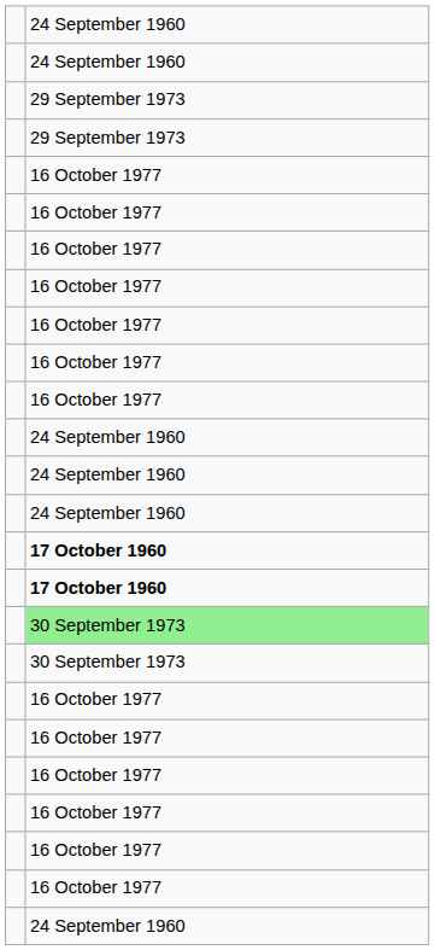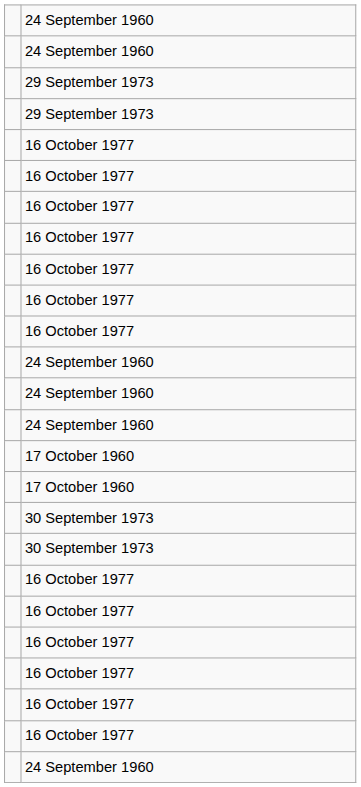 <table class="wikitable" style="font-size: 89%; float: left; width: 24em; margin-right: 1em; line-height: 1.65em">
 <tr>
 <td></td>
 <td>24 September 1960</td>
 </tr>
 <tr>
 <td></td>
 <td>24 September 1960</td>
 </tr>
 <tr>
 <td></td>
 <td>29 September 1973</td>
 </tr>
 <tr>
 <td></td>
 <td>29 September 1973</td>
 </tr>
 <tr>
 <td></td>
 <td>16 October 1977</td>
 </tr>
 <tr>
 <td></td>
 <td>16 October 1977</td>
 </tr>
 <tr>
 <td></td>
 <td>16 October 1977</td>
 </tr>
 <tr>
 <td></td>
 <td>16 October 1977</td>
 </tr>
 <tr>
 <td></td>
 <td>16 October 1977</td>
 </tr>
 <tr>
 <td></td>
 <td>16 October 1977</td>
 </tr>
 <tr>
 <td></td>
 <td>16 October 1977</td>
 </tr>
 <tr>
 <td></td>
 <td>24 September 1960</td>
 </tr>
 <tr>
 <td></td>
 <td>24 September 1960</td>
 </tr>
 <tr>
 <td></td>
 <td>24 September 1960</td>
 </tr>
 <tr>
 <td></td>
-<td><strong>17 October 1960</strong></td>
+<td>17 October 1960</td>
 </tr>
 <tr>
 <td></td>
-<td><strong>17 October 1960</strong></td>
+<td>17 October 1960</td>
 </tr>
 <tr>
 <td></td>
-<td style="background: lightgreen;">30 September 1973</td>
+<td>30 September 1973</td>
 </tr>
 <tr>
 <td></td>
 <td>30 September 1973</td>
 </tr>
 <tr>
 <td></td>
 <td>16 October 1977</td>
 </tr>
 <tr>
 <td></td>
 <td>16 October 1977</td>
 </tr>
 <tr>
 <td></td>
 <td>16 October 1977</td>
 </tr>
 <tr>
 <td></td>
 <td>16 October 1977</td>
 </tr>
 <tr>
 <td></td>
 <td>16 October 1977</td>
 </tr>
 <tr>
 <td></td>
 <td>16 October 1977</td>
 </tr>
 <tr>
 <td></td>
 <td>24 September 1960</td>
 </tr>
 </table>
